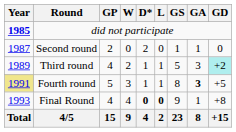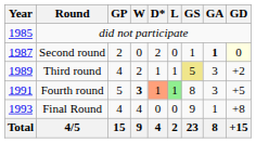 <table class="wikitable" style="text-align: center;">
 <tr>
 <th>Year</th>
 <th>Round</th>
 <th>GP</th>
 <th>W</th>
 <th>D*</th>
 <th>L</th>
 <th>GS</th>
 <th>GA</th>
 <th>GD</th>
 </tr>
 <tr>
-<td><strong><a href='#'>1985</a></strong></td>
+<td><a href='#'>1985</a></td>
 <td colspan=8><em>did not participate</em></td>
 </tr>
 <tr>
 <td><a href='#'>1987</a></td>
 <td>Second round</td>
 <td>2</td>
 <td>0</td>
 <td>2</td>
 <td>0</td>
 <td>1</td>
-<td>1</td>
-<td>0</td>
+<td><strong>1</strong></td>
+<td style="background: lightyellow;">0</td>
 </tr>
 <tr>
 <td><a href='#'>1989</a></td>
 <td>Third round</td>
 <td>4</td>
 <td>2</td>
 <td>1</td>
 <td>1</td>
-<td>5</td>
+<td style="background: khaki;">5</td>
 <td>3</td>
-<td style="background: paleturquoise;">+2</td>
+<td>+2</td>
 </tr>
 <tr>
-<td style="background: khaki;"><a href='#'>1991</a></td>
+<td><a href='#'>1991</a></td>
 <td>Fourth round</td>
 <td>5</td>
+<td><strong>3</strong></td>
+<td style="background: lightsalmon;">1</td>
+<td style="background: lightgreen;">1</td>
+<td>8</td>
 <td>3</td>
-<td>1</td>
-<td>1</td>
-<td>8</td>
-<td><strong>3</strong></td>
 <td>+5</td>
 </tr>
 <tr>
 <td><a href='#'>1993</a></td>
 <td>Final Round</td>
 <td>4</td>
 <td>4</td>
-<td><strong>0</strong></td>
-<td><strong>0</strong></td>
+<td>0</td>
+<td>0</td>
 <td>9</td>
 <td>1</td>
 <td>+8</td>
 </tr>
 <tr>
 <th>Total</th>
 <th>4/5</th>
 <th>15</th>
 <th>9</th>
 <th>4</th>
 <th>2</th>
 <th>23</th>
 <th>8</th>
 <th>+15</th>
 </tr>
 </table>
